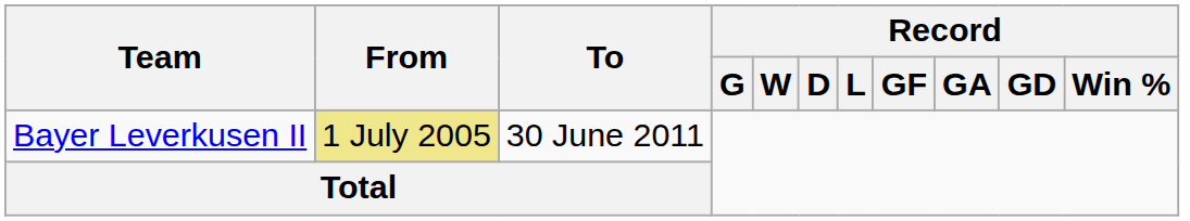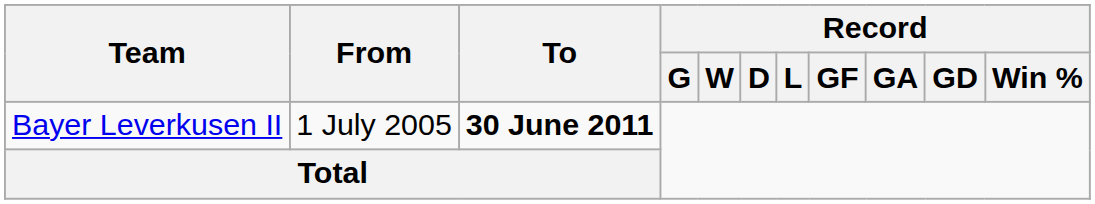 <table class="wikitable" style="text-align: center">
 <tr>
 <th rowspan="2">Team</th>
 <th rowspan="2">From</th>
 <th rowspan="2">To</th>
 <th colspan="8">Record</th>
 </tr>
 <tr>
 <th>G</th>
 <th>W</th>
 <th>D</th>
 <th>L</th>
 <th>GF</th>
 <th>GA</th>
 <th>GD</th>
 <th>Win %</th>
 </tr>
 <tr>
 <td><a href='#'>Bayer Leverkusen II</a></td>
-<td style="background: khaki;">1 July 2005</td>
-<td>30 June 2011<br></td>
+<td>1 July 2005</td>
+<td><strong>30 June 2011<br></strong></td>
 </tr>
 <tr>
 <th colspan="3">Total<br></th>
 </tr>
 </table>
